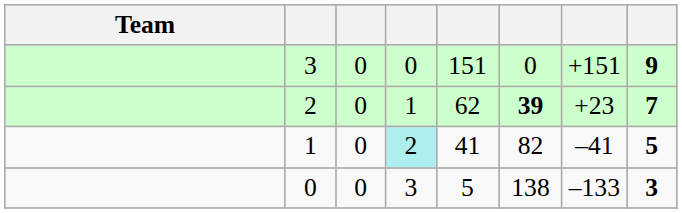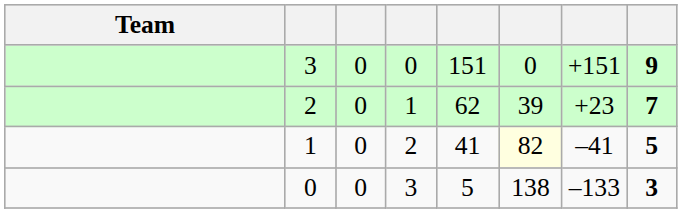 <table class="wikitable" style="text-align:center;">
 <tr>
 <th style="width:10.5em;">Team</th>
 <th style="width:1.5em;"></th>
 <th style="width:1.5em;"></th>
 <th style="width:1.5em;"></th>
 <th style="width:2.0em;"></th>
 <th style="width:2.0em;"></th>
 <th style="width:2.0em;"></th>
 <th style="width:1.5em;"></th>
 </tr>
 <tr bgcolor="#cfc">
 <td align="left"></td>
 <td>3</td>
 <td>0</td>
 <td>0</td>
 <td>151</td>
 <td>0</td>
 <td>+151</td>
 <td><strong>9</strong></td>
 </tr>
 <tr bgcolor="#cfc">
 <td align="left"></td>
 <td>2</td>
 <td>0</td>
 <td>1</td>
 <td>62</td>
-<td><strong>39</strong></td>
+<td>39</td>
 <td>+23</td>
 <td><strong>7</strong></td>
 </tr>
 <tr>
 <td align="left"></td>
 <td>1</td>
 <td>0</td>
-<td style="background: paleturquoise;">2</td>
+<td>2</td>
 <td>41</td>
-<td>82</td>
+<td style="background: lightyellow;">82</td>
 <td>–41</td>
 <td><strong>5</strong></td>
 </tr>
 <tr>
 <td align="left"></td>
 <td>0</td>
 <td>0</td>
 <td>3</td>
 <td>5</td>
 <td>138</td>
 <td>–133</td>
 <td><strong>3</strong></td>
 </tr>
 </table>
